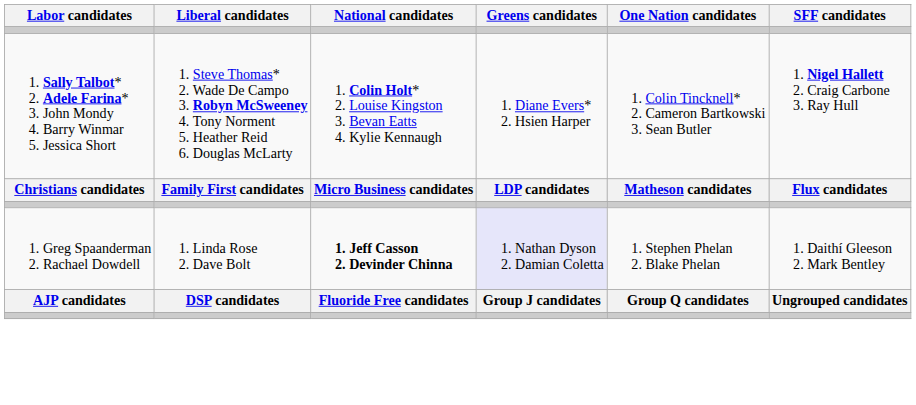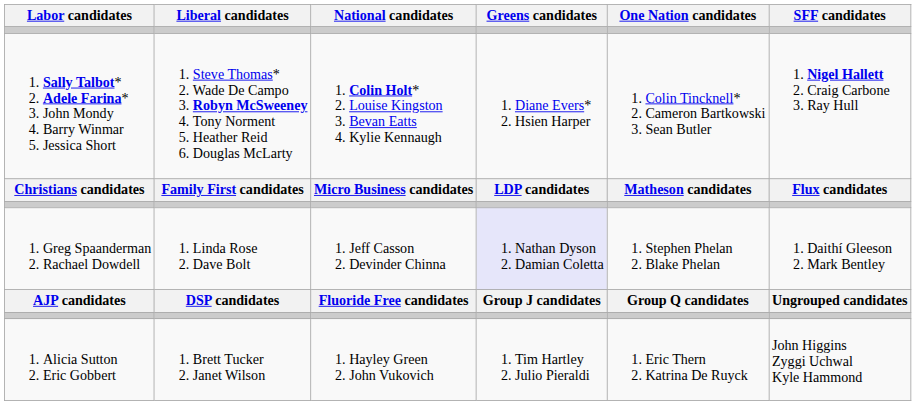 <table class="wikitable">
 <tr>
 <th><a href='#'>Labor</a> candidates</th>
 <th><a href='#'>Liberal</a> candidates</th>
 <th><a href='#'>National</a> candidates</th>
 <th><a href='#'>Greens</a> candidates</th>
 <th><a href='#'>One Nation</a> candidates</th>
 <th><a href='#'>SFF</a> candidates</th>
 </tr>
 <tr bgcolor="#cccccc">
 <td></td>
 <td></td>
 <td></td>
 <td></td>
 <td></td>
 <td></td>
 </tr>
 <tr>
 <td><br><ol><li><strong><a href='#'>Sally Talbot</a></strong>*</li><li><strong><a href='#'>Adele Farina</a></strong>*</li><li>John Mondy</li><li>Barry Winmar</li><li>Jessica Short</li></ol></td>
 <td><br><ol><li><a href='#'>Steve Thomas</a>*</li><li>Wade De Campo</li><li><strong><a href='#'>Robyn McSweeney</a></strong></li><li>Tony Norment</li><li>Heather Reid</li><li>Douglas McLarty</li></ol></td>
 <td><br><ol><li><strong><a href='#'>Colin Holt</a></strong>*</li><li><a href='#'>Louise Kingston</a></li><li><a href='#'>Bevan Eatts</a></li><li>Kylie Kennaugh</li></ol></td>
 <td><br><ol><li><a href='#'>Diane Evers</a>*</li><li>Hsien Harper</li></ol></td>
 <td><br><ol><li><a href='#'>Colin Tincknell</a>*</li><li>Cameron Bartkowski</li><li>Sean Butler</li></ol></td>
 <td valign=top><br><ol><li><strong><a href='#'>Nigel Hallett</a></strong></li><li>Craig Carbone</li><li>Ray Hull</li></ol></td>
 </tr>
 <tr bgcolor="#cccccc">
 <th><a href='#'>Christians</a> candidates</th>
 <th><a href='#'>Family First</a> candidates</th>
 <th><a href='#'>Micro Business</a> candidates</th>
 <th><a href='#'>LDP</a> candidates</th>
 <th><a href='#'>Matheson</a> candidates</th>
 <th><a href='#'>Flux</a> candidates</th>
 </tr>
 <tr bgcolor="#cccccc">
 <td></td>
 <td></td>
 <td></td>
 <td></td>
 <td></td>
 <td></td>
 </tr>
 <tr>
 <td valign=top><br><ol><li>Greg Spaanderman</li><li>Rachael Dowdell</li></ol></td>
 <td valign=top><br><ol><li>Linda Rose</li><li>Dave Bolt</li></ol></td>
-<td valign=top><strong><br><ol><li>Jeff Casson</li><li>Devinder Chinna</li></ol></strong></td>
+<td valign=top><br><ol><li>Jeff Casson</li><li>Devinder Chinna</li></ol></td>
 <td valign=top style="background: lavender;"><br><ol><li>Nathan Dyson</li><li>Damian Coletta</li></ol></td>
 <td valign=top><br><ol><li>Stephen Phelan</li><li>Blake Phelan</li></ol></td>
 <td valign=top><br><ol><li>Daithí Gleeson</li><li>Mark Bentley</li></ol></td>
 </tr>
 <tr bgcolor="#cccccc">
 <th><a href='#'>AJP</a> candidates</th>
 <th><a href='#'>DSP</a> candidates</th>
 <th><a href='#'>Fluoride Free</a> candidates</th>
 <th>Group J candidates</th>
 <th>Group Q candidates</th>
 <th>Ungrouped candidates</th>
 </tr>
 <tr bgcolor="#cccccc">
 <td></td>
 <td></td>
 <td></td>
 <td></td>
 <td></td>
 <td></td>
 </tr>
+<tr>
+<td valign=top><br><ol><li>Alicia Sutton</li><li>Eric Gobbert</li></ol></td>
+<td valign=top><br><ol><li>Brett Tucker</li><li>Janet Wilson</li></ol></td>
+<td valign=top><br><ol><li>Hayley Green</li><li>John Vukovich</li></ol></td>
+<td valign=top><br><ol><li>Tim Hartley</li><li>Julio Pieraldi</li></ol></td>
+<td valign=top><br><ol><li>Eric Thern</li><li>Katrina De Ruyck</li></ol></td>
+<td valign=top><br>John Higgins <br> Zyggi Uchwal <br> Kyle Hammond</td>
+</tr>
 </table>
